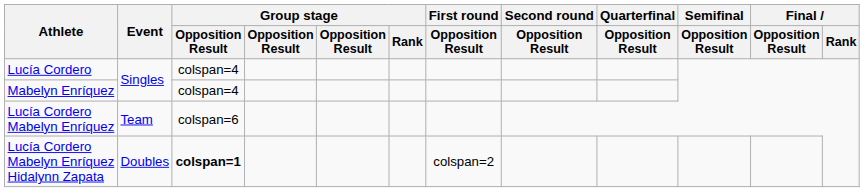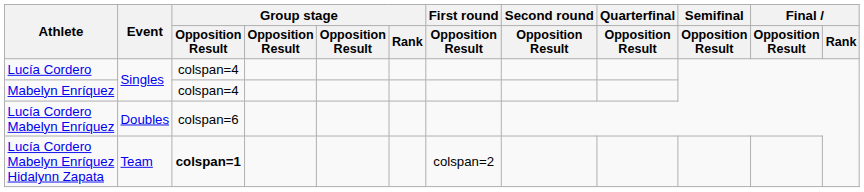 <table class=wikitable style=font-size:90%;text-align:center>
 <tr>
 <th rowspan=2>Athlete</th>
 <th rowspan=2>Event</th>
 <th colspan=4>Group stage</th>
 <th>First round</th>
 <th>Second round</th>
 <th>Quarterfinal</th>
 <th>Semifinal</th>
 <th colspan=2>Final / </th>
 </tr>
 <tr style=font-size:95%>
 <th>Opposition<br>Result</th>
 <th>Opposition<br>Result</th>
 <th>Opposition<br>Result</th>
 <th>Rank</th>
 <th>Opposition<br>Result</th>
 <th>Opposition<br>Result</th>
 <th>Opposition<br>Result</th>
 <th>Opposition<br>Result</th>
 <th>Opposition<br>Result</th>
 <th>Rank</th>
 </tr>
 <tr>
 <td align=left><a href='#'>Lucía Cordero</a></td>
 <td align=left rowspan=2><a href='#'>Singles</a></td>
 <td>colspan=4 </td>
 <td></td>
 <td></td>
 <td></td>
 <td></td>
 <td></td>
 <td></td>
 </tr>
 <tr>
 <td align=left><a href='#'>Mabelyn Enríquez</a></td>
 <td>colspan=4 </td>
 <td></td>
 <td></td>
 <td></td>
 <td></td>
 <td></td>
 <td></td>
 </tr>
 <tr>
 <td align=left><a href='#'>Lucía Cordero</a><br><a href='#'>Mabelyn Enríquez</a></td>
-<td align=left><a href='#'>Team</a></td>
+<td align=left><a href='#'>Doubles</a></td>
 <td>colspan=6 </td>
 <td></td>
 <td></td>
 <td></td>
 <td></td>
 </tr>
 <tr>
 <td align=left><a href='#'>Lucía Cordero</a><br><a href='#'>Mabelyn Enríquez</a><br><a href='#'>Hidalynn Zapata</a></td>
-<td align=left><a href='#'>Doubles</a></td>
+<td align=left><a href='#'>Team</a></td>
 <td><strong>colspan=1 </strong></td>
 <td></td>
 <td></td>
 <td></td>
 <td>colspan=2 </td>
 <td></td>
 <td></td>
 <td></td>
 <td></td>
 </tr>
 </table>
